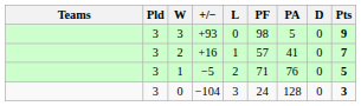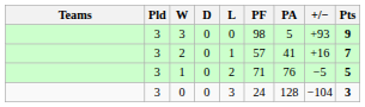 <table class="wikitable" style="text-align: center;">
 <tr>
 <th width="175">Teams</th>
 <th width="25">Pld</th>
 <th width="25">W</th>
-<th width="32">+/−</th>
+<th width="25">D</th>
 <th width="25">L</th>
 <th width="32">PF</th>
 <th width="32">PA</th>
-<th width="25">D</th>
+<th width="32">+/−</th>
 <th width="25">Pts</th>
 </tr>
 <tr bgcolor=ccffcc>
 <td align=left></td>
 <td>3</td>
 <td>3</td>
-<td>+93</td>
+<td>0</td>
 <td>0</td>
 <td>98</td>
 <td>5</td>
-<td>0</td>
+<td>+93</td>
 <td><strong>9</strong></td>
 </tr>
 <tr bgcolor=ccffcc>
 <td align=left></td>
 <td>3</td>
 <td>2</td>
-<td>+16</td>
+<td>0</td>
 <td>1</td>
 <td>57</td>
 <td>41</td>
-<td>0</td>
+<td>+16</td>
 <td><strong>7</strong></td>
 </tr>
 <tr bgcolor=ccffcc>
 <td align=left></td>
 <td>3</td>
 <td>1</td>
-<td>−5</td>
+<td>0</td>
 <td>2</td>
 <td>71</td>
 <td>76</td>
-<td>0</td>
+<td>−5</td>
 <td><strong>5</strong></td>
 </tr>
 <tr>
 <td align=left></td>
 <td>3</td>
 <td>0</td>
-<td>−104</td>
+<td>0</td>
 <td>3</td>
 <td>24</td>
 <td>128</td>
-<td>0</td>
+<td>−104</td>
 <td><strong>3</strong></td>
 </tr>
 </table>
